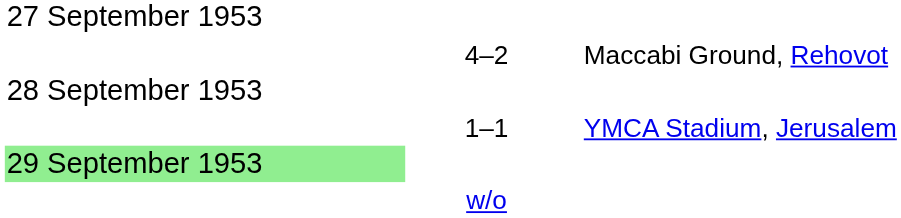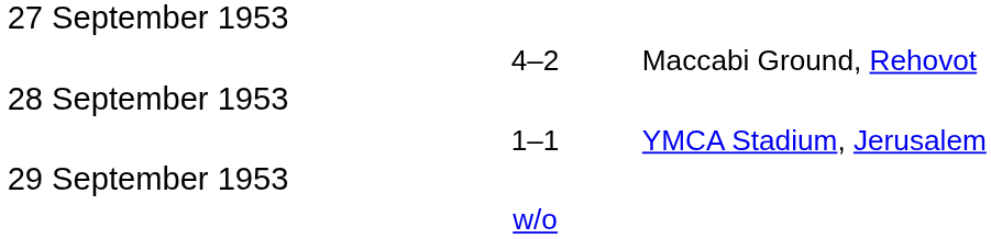 <table style="width:100%;" cellspacing="1">
 <tr>
 <th width=25%></th>
 <th width=10%></th>
 <th></th>
 </tr>
 <tr>
 <td>27 September 1953</td>
 </tr>
 <tr>
 </tr>
 <tr style=font-size:90%>
 <td align=right></td>
 <td align=center>4–2</td>
 <td></td>
 <td>Maccabi Ground, <a href='#'>Rehovot</a></td>
 </tr>
 <tr>
 <td>28 September 1953</td>
 </tr>
 <tr style=font-size:90%>
 <td align=right></td>
 <td align=center>1–1</td>
 <td></td>
 <td><a href='#'>YMCA Stadium</a>, <a href='#'>Jerusalem</a></td>
 </tr>
 <tr>
-<td style="background: lightgreen;">29 September 1953</td>
+<td>29 September 1953</td>
 </tr>
 <tr style=font-size:90%>
 <td align=right></td>
 <td align=center><a href='#'>w/o</a></td>
 <td></td>
 <td></td>
 </tr>
 </table>
